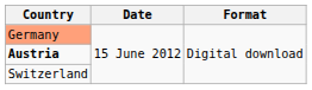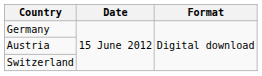 <table class="wikitable plainrowheaders">
 <tr>
 <th scope="col">Country</th>
 <th scope="col">Date</th>
 <th scope="col">Format</th>
 </tr>
 <tr>
-<td style="background: lightsalmon;">Germany</td>
+<td>Germany</td>
 <td rowspan="3">15 June 2012</td>
 <td rowspan="3">Digital download</td>
 </tr>
 <tr>
-<td><strong>Austria</strong></td>
+<td>Austria</td>
 </tr>
 <tr>
 <td>Switzerland</td>
 </tr>
 </table>
